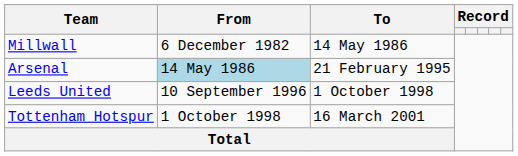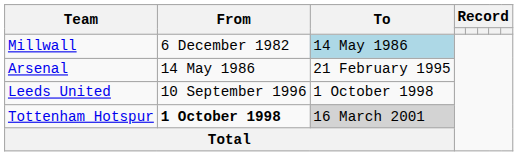 <table class=wikitable style="text-align: center">
 <tr>
 <th rowspan=2>Team</th>
 <th rowspan=2>From</th>
 <th rowspan=2>To</th>
 <th colspan=5>Record</th>
 </tr>
 <tr>
 <th></th>
 <th></th>
 <th></th>
 <th></th>
 <th></th>
 </tr>
 <tr>
 <td align=left><a href='#'>Millwall</a></td>
 <td align=left>6 December 1982</td>
-<td align=left>14 May 1986<br></td>
+<td align=left style="background: lightblue;">14 May 1986<br></td>
 </tr>
 <tr>
 <td align=left><a href='#'>Arsenal</a></td>
-<td align=left style="background: lightblue;">14 May 1986</td>
+<td align=left>14 May 1986</td>
 <td align=left>21 February 1995<br></td>
 </tr>
 <tr>
 <td align=left><a href='#'>Leeds United</a></td>
 <td align=left>10 September 1996</td>
 <td align=left>1 October 1998<br></td>
 </tr>
 <tr>
 <td align=left><a href='#'>Tottenham Hotspur</a></td>
-<td align=left>1 October 1998</td>
-<td align=left>16 March 2001<br></td>
+<td align=left><strong>1 October 1998</strong></td>
+<td align=left style="background: lightgrey;">16 March 2001<br></td>
 </tr>
 <tr>
 <th colspan=3>Total<br></th>
 </tr>
 </table>
